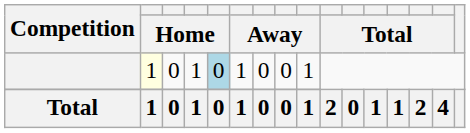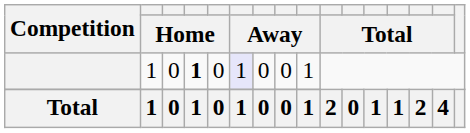 <table class="wikitable plainrowheaders sortable" style="text-align:center">
 <tr>
 <th scope="col" rowspan="2">Competition</th>
 <th scope="col"></th>
 <th scope="col"></th>
 <th scope="col"></th>
 <th scope="col"></th>
 <th scope="col"></th>
 <th scope="col"></th>
 <th scope="col"></th>
 <th scope="col"></th>
 <th scope="col"></th>
 <th scope="col"></th>
 <th scope="col"></th>
 <th scope="col"></th>
 <th scope="col"></th>
 <th scope="col"></th>
 <th scope="col" rowspan="2"></th>
 </tr>
 <tr class="unsortable">
 <th colspan="4">Home</th>
 <th colspan="4">Away</th>
 <th colspan="6">Total</th>
 </tr>
 <tr>
 <th scope="row" align=left></th>
-<td style="background: lightyellow;">1</td>
+<td>1</td>
 <td>0</td>
-<td>1</td>
-<td style="background: lightblue;">0</td>
-<td>1</td>
+<td><strong>1</strong></td>
+<td>0</td>
+<td style="background: lavender;">1</td>
 <td>0</td>
 <td>0</td>
 <td>1<br></td>
 </tr>
 <tr>
 </tr>
 <tr class="sortbottom">
 <th>Total</th>
 <th>1</th>
 <th>0</th>
 <th>1</th>
 <th>0</th>
 <th>1</th>
 <th>0</th>
 <th>0</th>
 <th>1</th>
 <th>2</th>
 <th>0</th>
 <th>1</th>
 <th>1</th>
 <th>2</th>
 <th>4</th>
 <th><br></th>
 </tr>
 </table>
